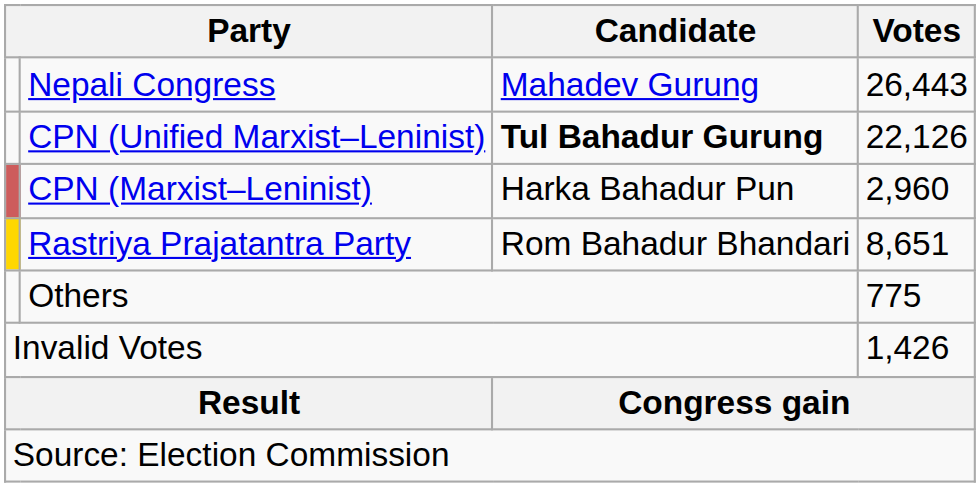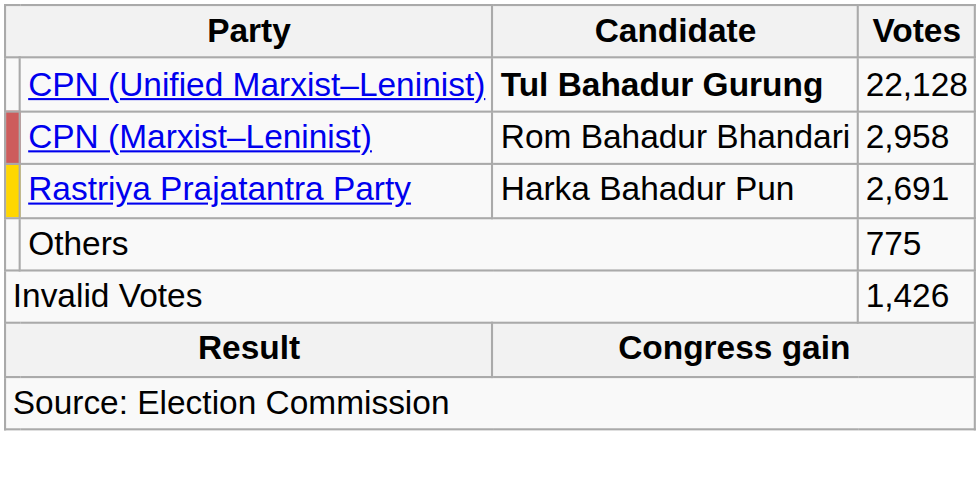 <table class="wikitable">
 <tr>
 <th colspan="2">Party</th>
 <th>Candidate</th>
 <th>Votes</th>
 </tr>
 <tr>
 <td style="background-color:"></td>
-<td><a href='#'>Nepali Congress</a></td>
-<td><a href='#'>Mahadev Gurung</a></td>
-<td>26,443</td>
-</tr>
-<tr>
-<td style="background-color:"></td>
 <td><a href='#'>CPN (Unified Marxist–Leninist)</a></td>
 <td><strong>Tul Bahadur Gurung</strong></td>
-<td>22,126</td>
+<td>22,128</td>
 </tr>
 <tr>
 <td style="background-color:indianred"></td>
 <td><a href='#'>CPN (Marxist–Leninist)</a></td>
-<td>Harka Bahadur Pun</td>
-<td>2,960</td>
+<td>Rom Bahadur Bhandari</td>
+<td>2,958</td>
 </tr>
 <tr>
 <td style="background-color:gold"></td>
 <td><a href='#'>Rastriya Prajatantra Party</a></td>
-<td>Rom Bahadur Bhandari</td>
-<td>8,651</td>
+<td>Harka Bahadur Pun</td>
+<td>2,691</td>
 </tr>
 <tr>
 <td></td>
 <td colspan="2">Others</td>
 <td>775</td>
 </tr>
 <tr>
 <td colspan="3">Invalid Votes</td>
 <td>1,426</td>
 </tr>
 <tr>
 <th colspan="2">Result</th>
 <th colspan="2">Congress gain</th>
 </tr>
 <tr>
 <td colspan="4">Source: Election Commission</td>
 </tr>
 </table>
